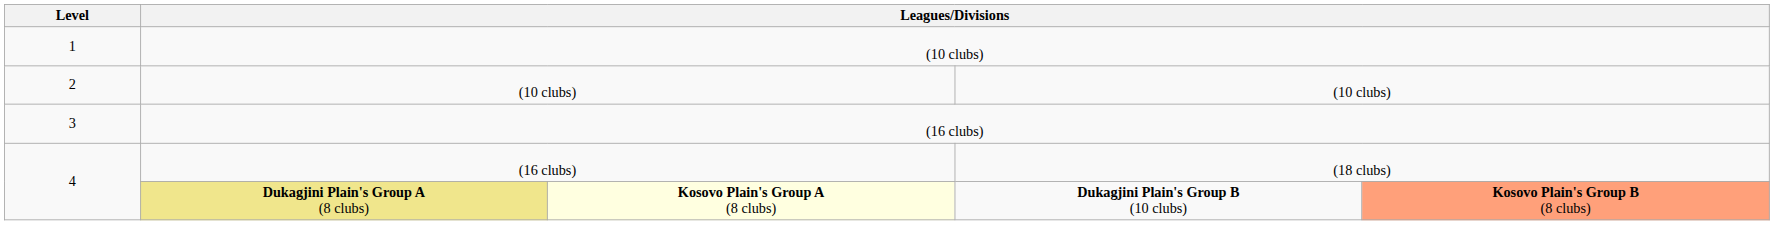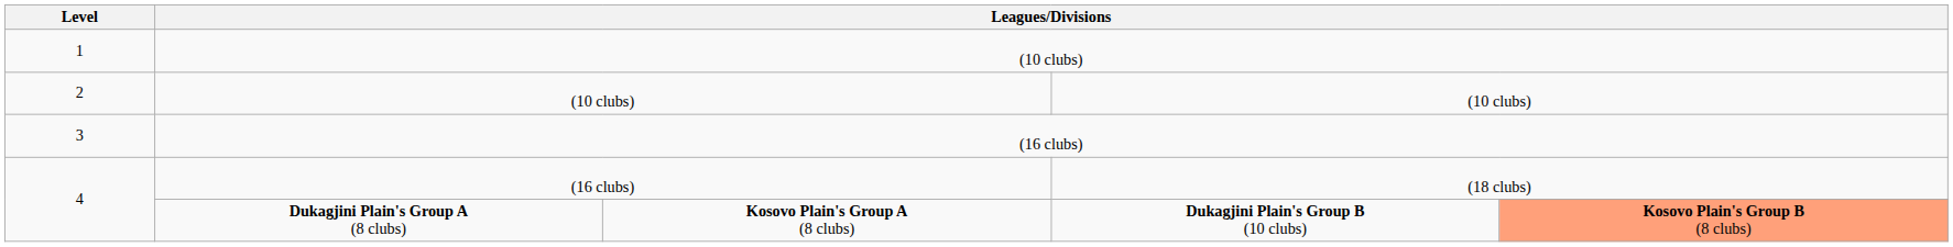 <table class="wikitable" style="text-align:center; width:100%;">
 <tr>
 <th>Level</th>
 <th colspan="4" width="96%">Leagues/Divisions</th>
 </tr>
 <tr>
 <td colspan="1" width="4%">1</td>
 <td colspan="7" width="96%"><strong></strong><br>(10 clubs)</td>
 </tr>
 <tr>
 <td colspan="1" width="4%">2</td>
 <td colspan="2" width="60%"><strong></strong><br>(10 clubs)</td>
 <td colspan="2" width="36%"><strong></strong><br>(10 clubs)</td>
 </tr>
 <tr>
 <td colspan="1" width="4%">3</td>
 <td colspan="7" width="96%"><strong></strong><br>(16 clubs)</td>
 </tr>
 <tr>
 <td rowspan="2" width="4%">4</td>
 <td colspan="2" width="60%"><strong></strong><br>(16 clubs)</td>
 <td colspan="2" width="60%"><strong></strong><br>(18 clubs)</td>
 </tr>
 <tr>
-<td colspan="1" width="12%" style="background: khaki;"><strong>Dukagjini Plain's Group A</strong><br>(8 clubs)</td>
-<td colspan="1" width="12%" style="background: lightyellow;"><strong>Kosovo Plain's Group A</strong><br>(8 clubs)</td>
+<td colspan="1" width="12%"><strong>Dukagjini Plain's Group A</strong><br>(8 clubs)</td>
+<td colspan="1" width="12%"><strong>Kosovo Plain's Group A</strong><br>(8 clubs)</td>
 <td colspan="1" width="12%"><strong>Dukagjini Plain's Group B</strong><br>(10 clubs)</td>
 <td colspan="1" width="12%" style="background: lightsalmon;"><strong>Kosovo Plain's Group B</strong><br>(8 clubs)</td>
 </tr>
 </table>
